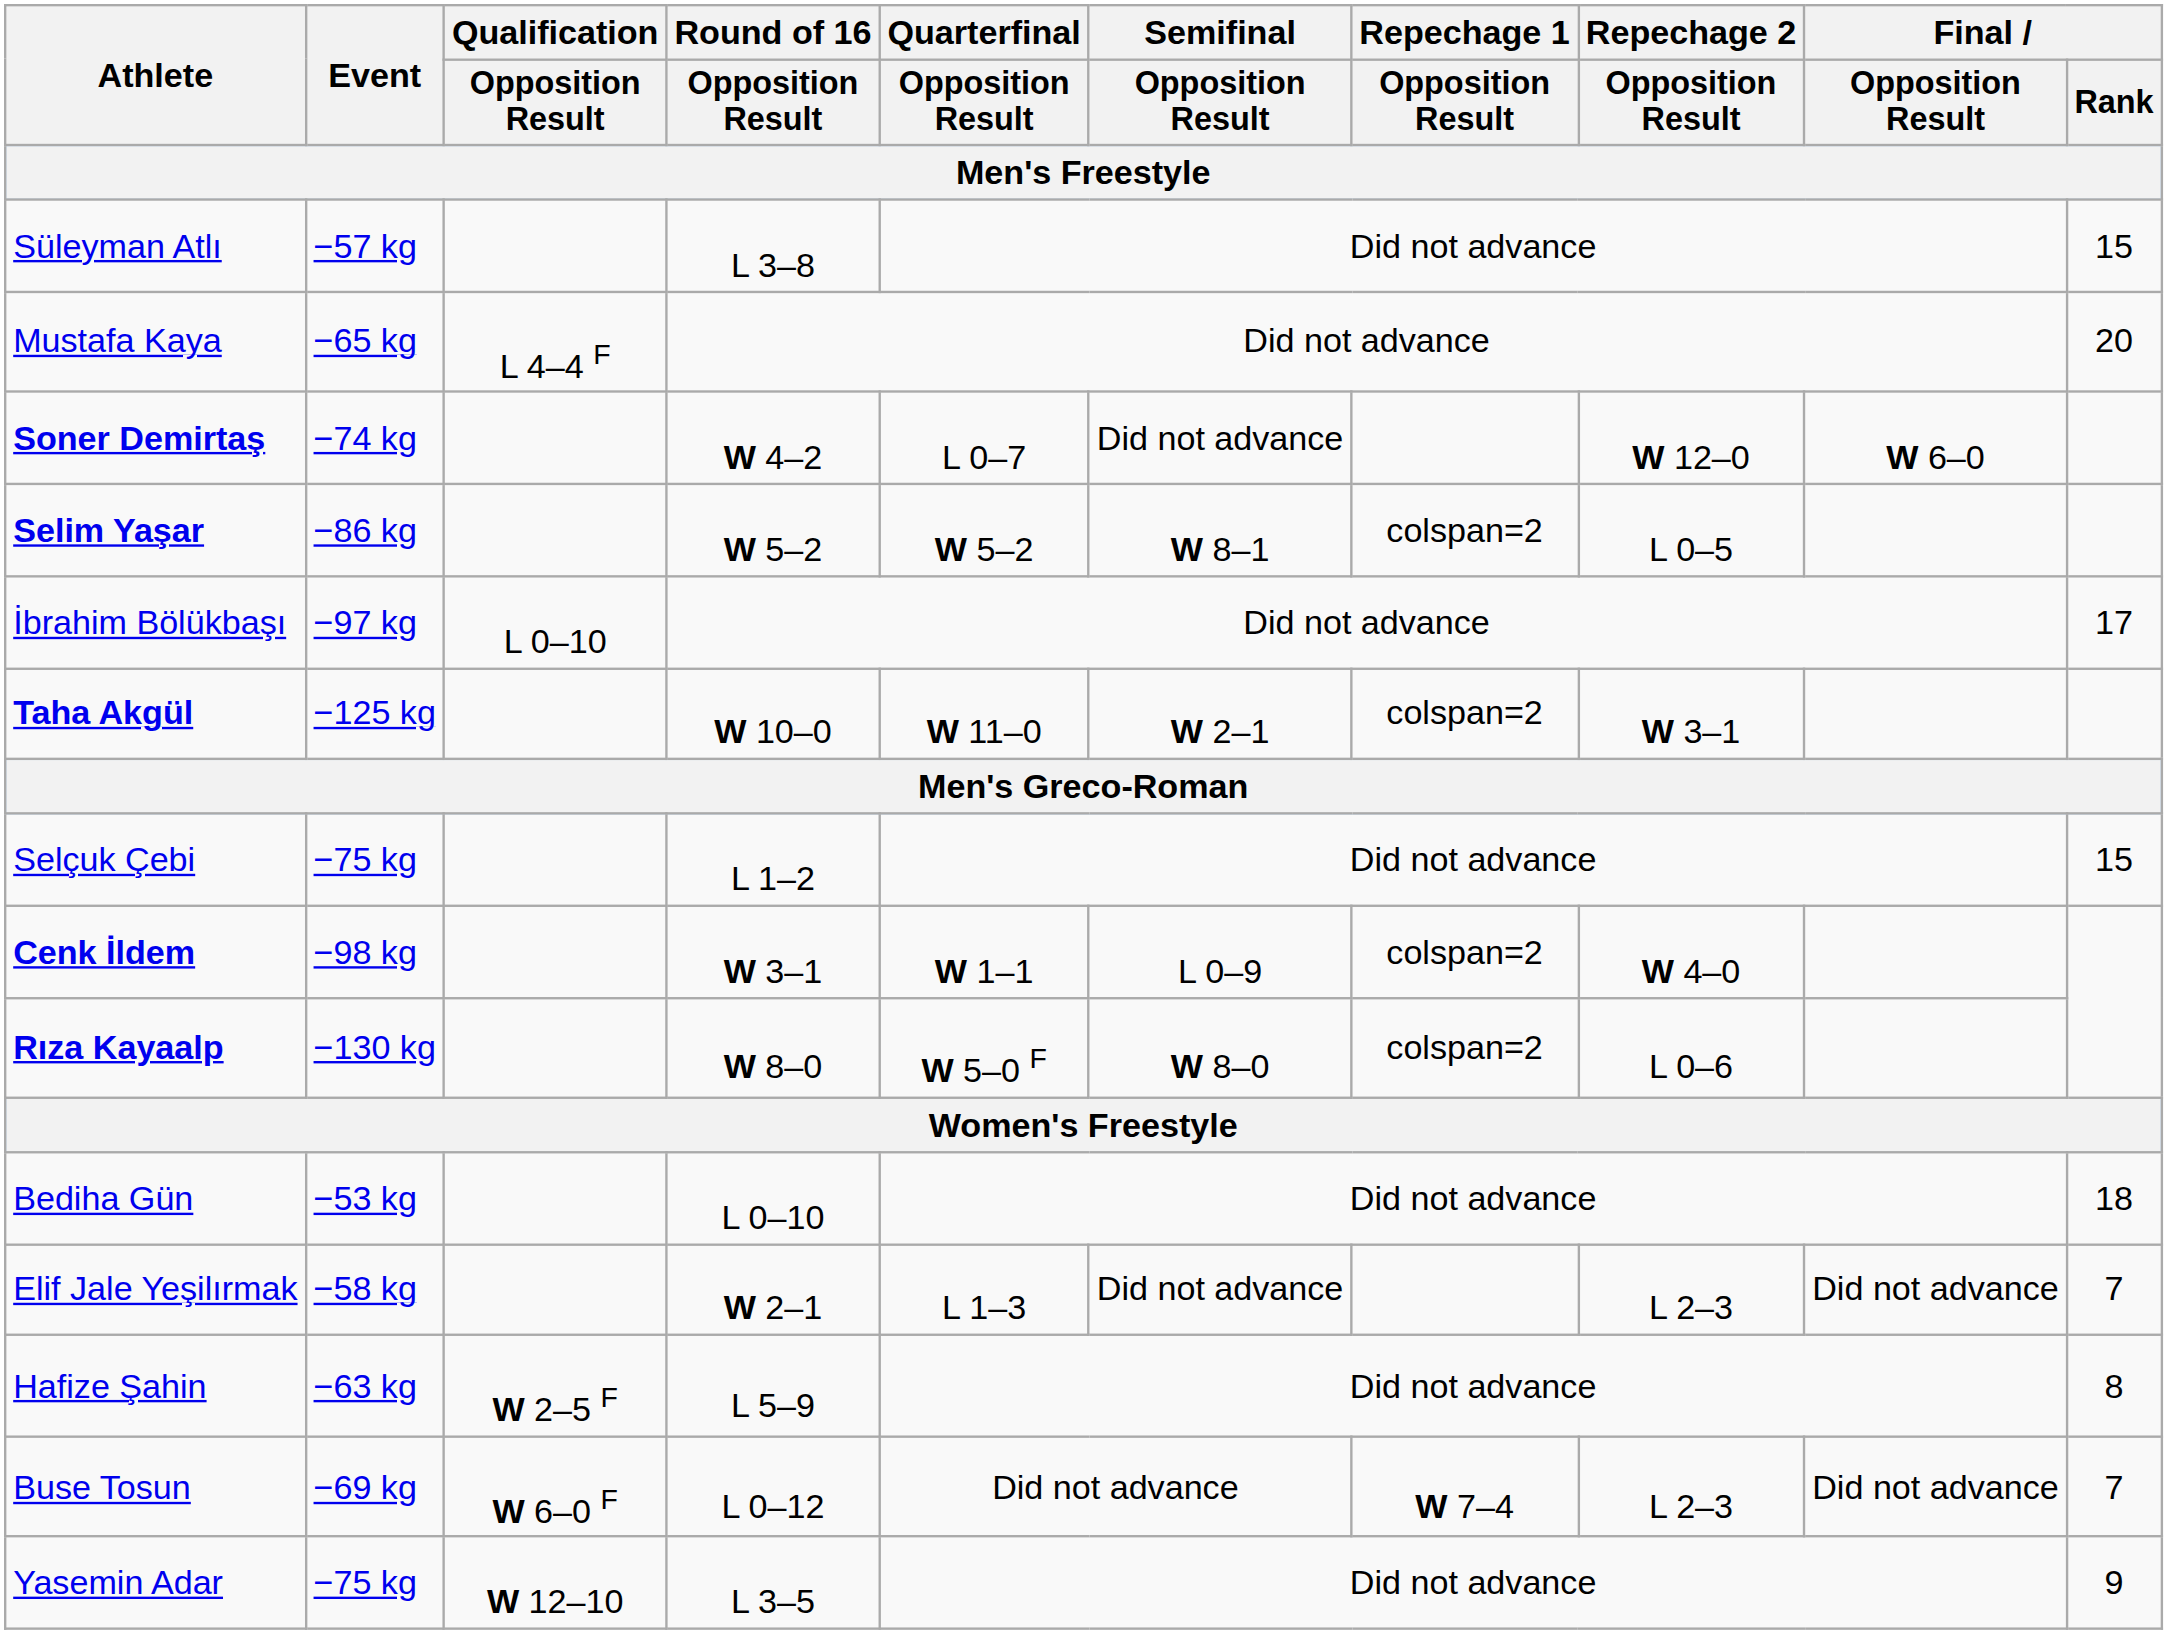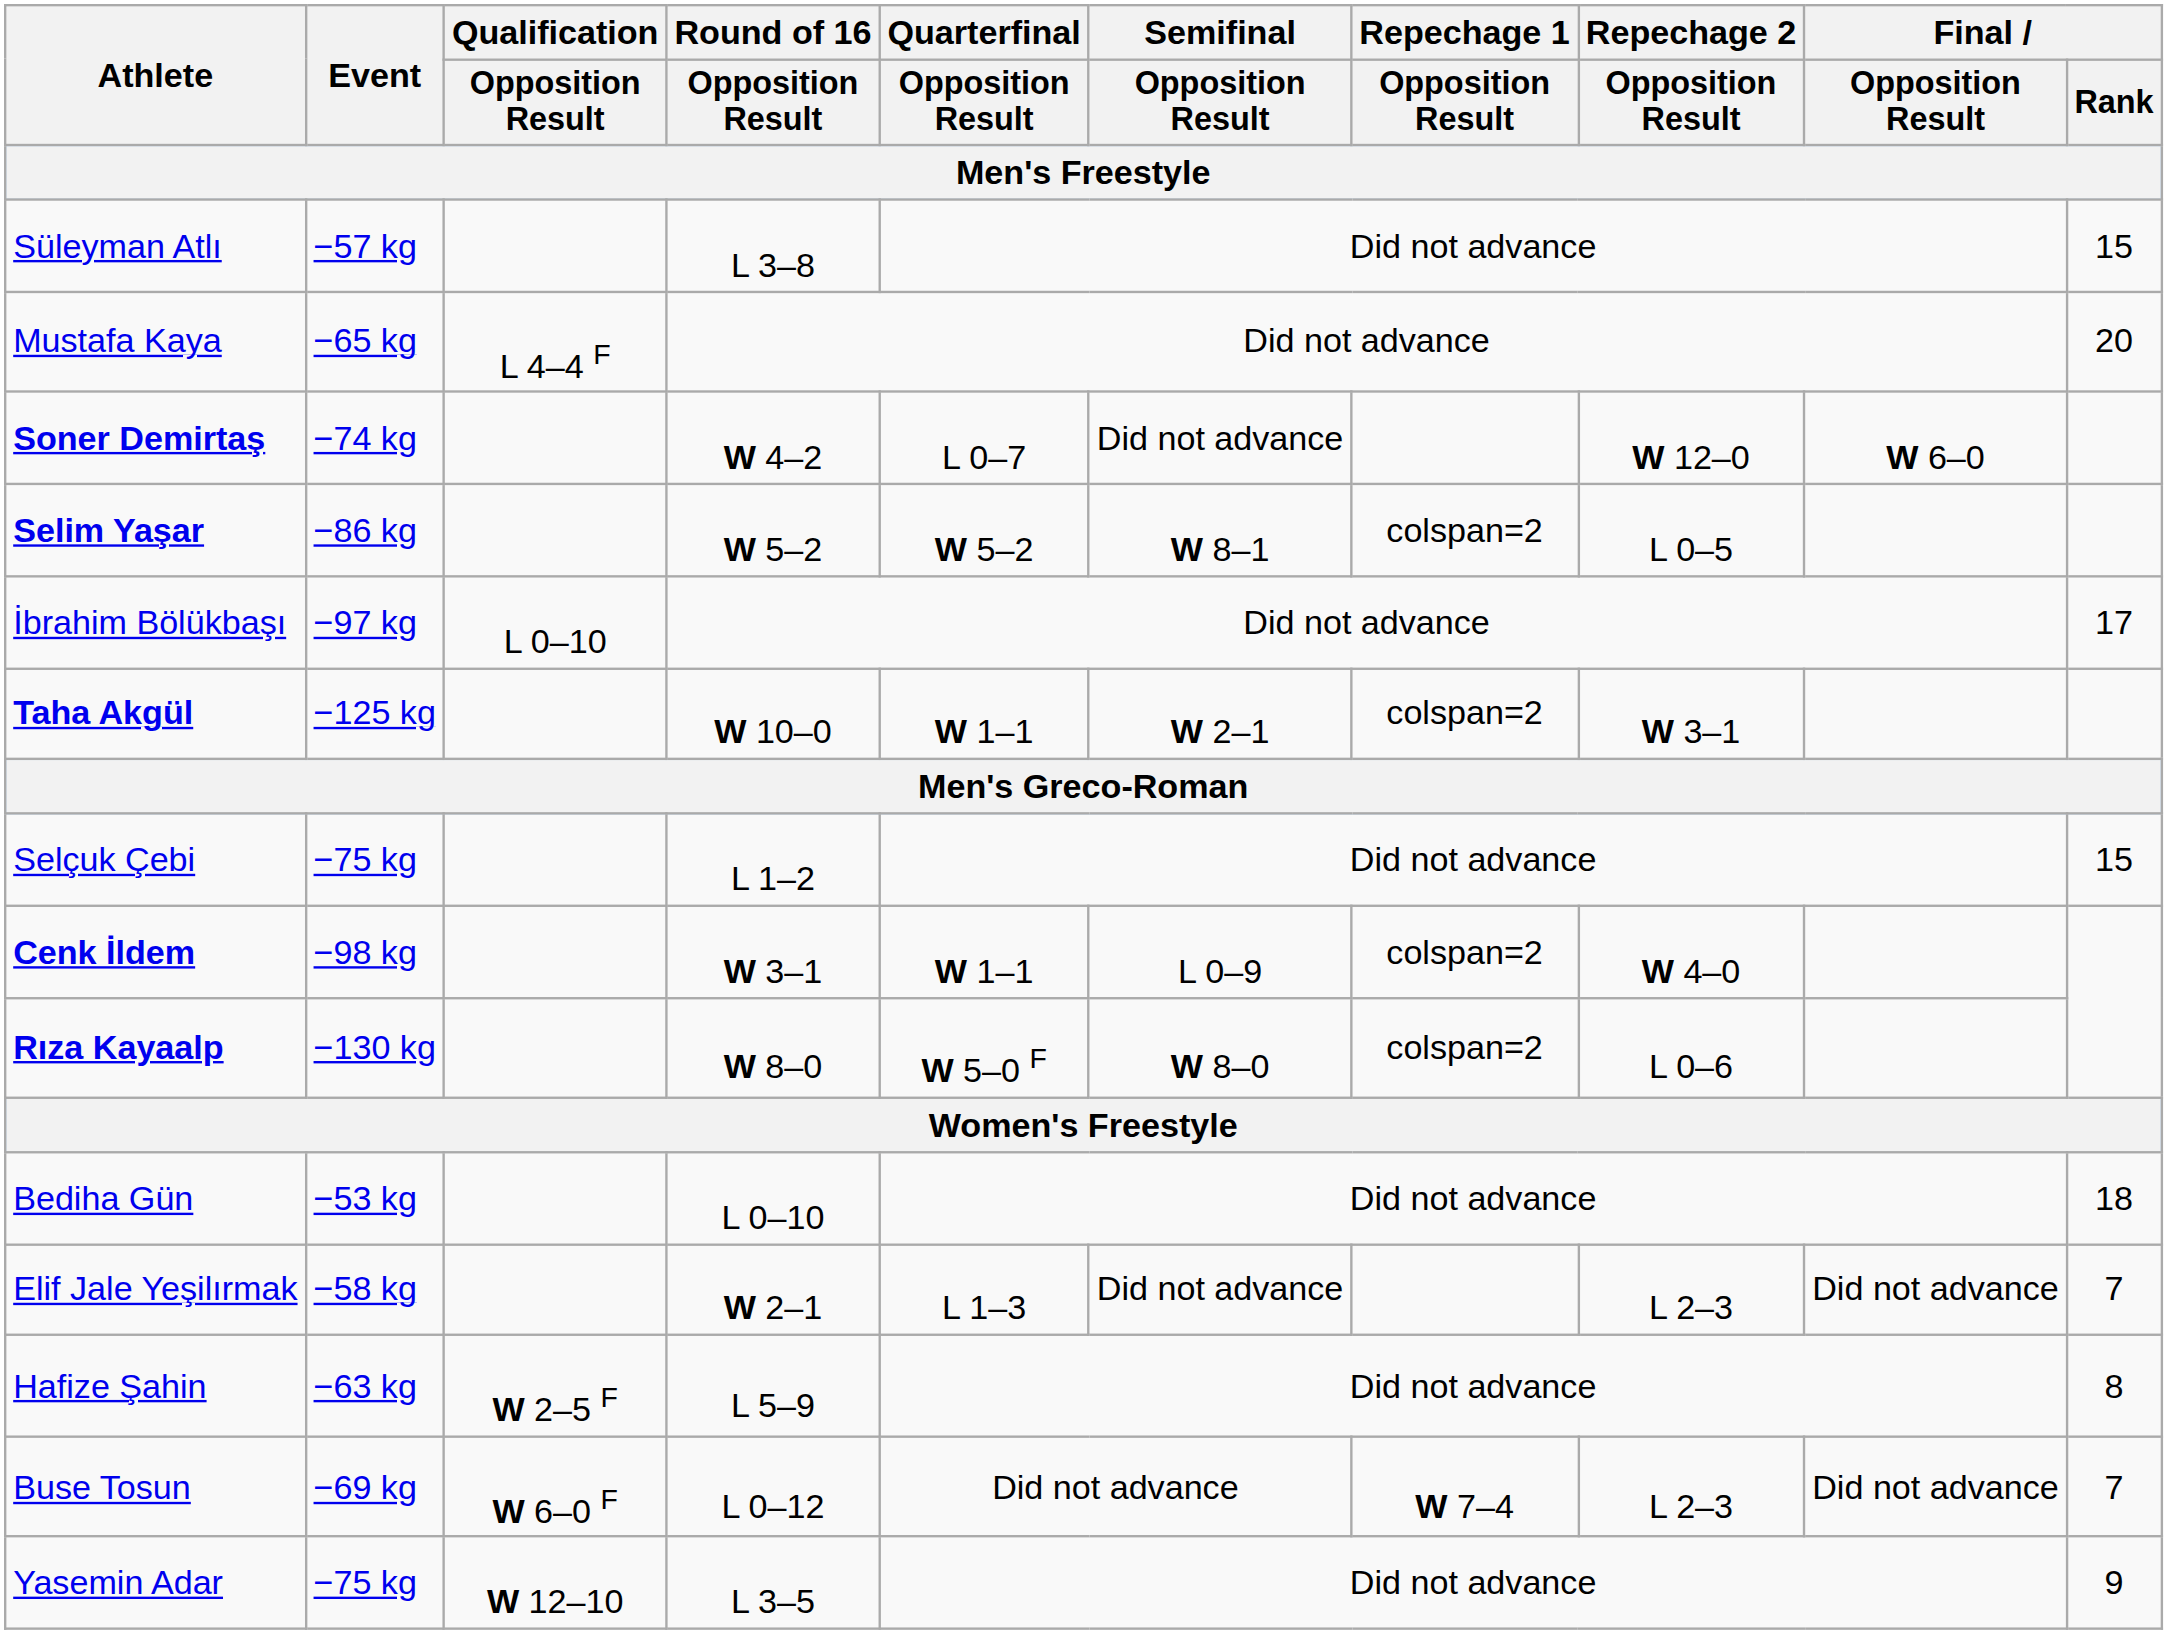 <table class="wikitable" style="font-size:90%">
 <tr>
 <th rowspan=2>Athlete</th>
 <th rowspan=2>Event</th>
 <th>Qualification</th>
 <th>Round of 16</th>
 <th>Quarterfinal</th>
 <th>Semifinal</th>
 <th>Repechage 1</th>
 <th>Repechage 2</th>
 <th colspan=2>Final / </th>
 </tr>
 <tr style="font-size: 95%">
 <th>Opposition<br>Result</th>
 <th>Opposition<br>Result</th>
 <th>Opposition<br>Result</th>
 <th>Opposition<br>Result</th>
 <th>Opposition<br>Result</th>
 <th>Opposition<br>Result</th>
 <th>Opposition<br>Result</th>
 <th>Rank</th>
 </tr>
 <tr style="background:#9acdff;">
 <th colspan=10>Men's Freestyle</th>
 </tr>
 <tr align=center>
 <td align=left><a href='#'>Süleyman Atlı</a></td>
 <td align=left><a href='#'>−57 kg</a></td>
 <td></td>
 <td><br>L 3–8</td>
 <td colspan=5>Did not advance</td>
 <td>15</td>
 </tr>
 <tr align=center>
 <td align=left><a href='#'>Mustafa Kaya</a></td>
 <td align=left><a href='#'>−65 kg</a></td>
 <td><br>L 4–4 <sup>F</sup></td>
 <td colspan=6>Did not advance</td>
 <td>20</td>
 </tr>
 <tr align=center>
 <td align=left><strong><a href='#'>Soner Demirtaş</a></strong></td>
 <td align=left><a href='#'>−74 kg</a></td>
 <td></td>
 <td><br><strong>W</strong> 4–2</td>
 <td><br>L 0–7</td>
 <td>Did not advance</td>
 <td></td>
 <td><br><strong>W</strong> 12–0</td>
 <td><br><strong>W</strong> 6–0</td>
 <td></td>
 </tr>
 <tr align=center>
 <td align=left><strong><a href='#'>Selim Yaşar</a></strong></td>
 <td align=left><a href='#'>−86 kg</a></td>
 <td></td>
 <td><br><strong>W</strong> 5–2</td>
 <td><br><strong>W</strong> 5–2</td>
 <td><br><strong>W</strong> 8–1</td>
 <td>colspan=2 </td>
 <td><br>L 0–5</td>
 <td></td>
 </tr>
 <tr align=center>
 <td align=left><a href='#'>İbrahim Bölükbaşı</a></td>
 <td align=left><a href='#'>−97 kg</a></td>
 <td><br>L 0–10</td>
 <td colspan=6>Did not advance</td>
 <td>17</td>
 </tr>
 <tr align=center>
 <td align=left><strong><a href='#'>Taha Akgül</a></strong></td>
 <td align=left><a href='#'>−125 kg</a></td>
 <td></td>
 <td><br><strong>W</strong> 10–0</td>
-<td><br><strong>W</strong> 11–0</td>
+<td><br><strong>W</strong> 1–1</td>
 <td><br><strong>W</strong> 2–1</td>
 <td>colspan=2 </td>
 <td><br><strong>W</strong> 3–1</td>
 <td></td>
 </tr>
 <tr style="background:#9acdff;">
 <th colspan=10>Men's Greco-Roman</th>
 </tr>
 <tr align=center>
 <td align=left><a href='#'>Selçuk Çebi</a></td>
 <td align=left><a href='#'>−75 kg</a></td>
 <td></td>
 <td><br>L 1–2</td>
 <td colspan=5>Did not advance</td>
 <td>15</td>
 </tr>
 <tr align=center>
 <td align=left><strong><a href='#'>Cenk İldem</a></strong></td>
 <td align=left><a href='#'>−98 kg</a></td>
 <td></td>
 <td><br><strong>W</strong> 3–1</td>
 <td><br><strong>W</strong> 1–1</td>
 <td><br>L 0–9</td>
 <td>colspan=2 </td>
 <td><br><strong>W</strong> 4–0</td>
 <td></td>
 </tr>
 <tr align=center>
 <td align=left><strong><a href='#'>Rıza Kayaalp</a></strong></td>
 <td align=left><a href='#'>−130 kg</a></td>
 <td></td>
 <td><br><strong>W</strong> 8–0</td>
 <td><br><strong>W</strong> 5–0 <sup>F</sup></td>
 <td><br><strong>W</strong> 8–0</td>
 <td>colspan=2 </td>
 <td><br>L 0–6</td>
 <td></td>
 </tr>
 <tr style="background:#9acdff;">
 <th colspan=10>Women's Freestyle</th>
 </tr>
 <tr align=center>
 <td align=left><a href='#'>Bediha Gün</a></td>
 <td align=left><a href='#'>−53 kg</a></td>
 <td></td>
 <td><br>L 0–10</td>
 <td colspan=5>Did not advance</td>
 <td>18</td>
 </tr>
 <tr align=center>
 <td align=left><a href='#'>Elif Jale Yeşilırmak</a></td>
 <td align=left><a href='#'>−58 kg</a></td>
 <td></td>
 <td><br><strong>W</strong> 2–1</td>
 <td><br>L 1–3</td>
 <td>Did not advance</td>
 <td></td>
 <td><br>L 2–3</td>
 <td>Did not advance</td>
 <td>7</td>
 </tr>
 <tr align=center>
 <td align=left><a href='#'>Hafize Şahin</a></td>
 <td align=left><a href='#'>−63 kg</a></td>
 <td><br><strong>W</strong> 2–5 <sup>F</sup></td>
 <td><br>L 5–9</td>
 <td colspan=5>Did not advance</td>
 <td>8</td>
 </tr>
 <tr align=center>
 <td align=left><a href='#'>Buse Tosun</a></td>
 <td align=left><a href='#'>−69 kg</a></td>
 <td><br><strong>W</strong> 6–0 <sup>F</sup></td>
 <td><br>L 0–12</td>
 <td colspan=2>Did not advance</td>
 <td><br><strong>W</strong> 7–4</td>
 <td><br>L 2–3</td>
 <td>Did not advance</td>
 <td>7</td>
 </tr>
 <tr align=center>
 <td align=left><a href='#'>Yasemin Adar</a></td>
 <td align=left><a href='#'>−75 kg</a></td>
 <td><br><strong>W</strong> 12–10</td>
 <td><br>L 3–5</td>
 <td colspan=5>Did not advance</td>
 <td>9</td>
 </tr>
 </table>
